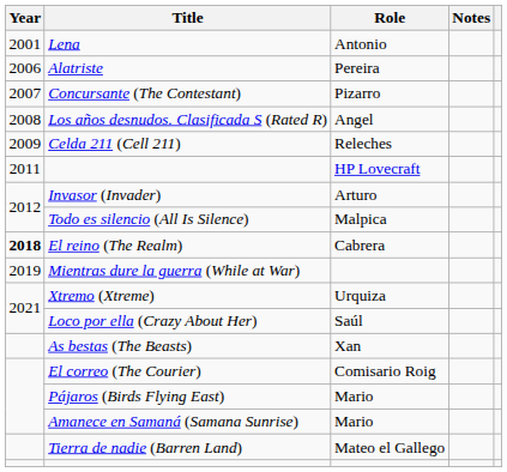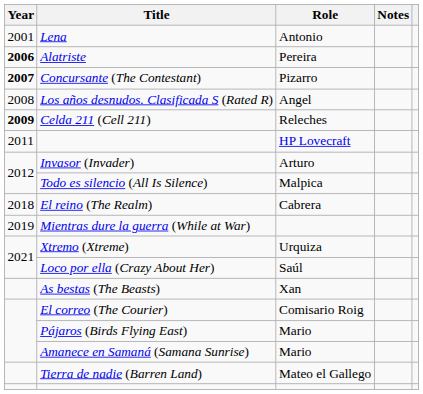 <table class="wikitable sortable">
 <tr>
 <th>Year</th>
 <th>Title</th>
 <th>Role</th>
 <th class="unsortable">Notes</th>
 <th class="unsortable"></th>
 </tr>
 <tr>
 <td align = "center">2001</td>
 <td><em><a href='#'>Lena</a></em></td>
 <td>Antonio</td>
 <td></td>
 <td align = "center"></td>
 </tr>
 <tr>
-<td align = "center">2006</td>
+<td align = "center"><strong>2006</strong></td>
 <td><em><a href='#'>Alatriste</a></em></td>
 <td>Pereira</td>
 <td></td>
 <td align = "center"></td>
 </tr>
 <tr>
-<td align = "center">2007</td>
+<td align = "center"><strong>2007</strong></td>
 <td><em><a href='#'>Concursante</a></em> (<em>The Contestant</em>)</td>
 <td>Pizarro</td>
 <td></td>
 <td align  ="center"></td>
 </tr>
 <tr>
 <td align = "center">2008</td>
 <td><em><a href='#'>Los años desnudos. Clasificada S</a></em> (<em>Rated R</em>)</td>
 <td>Angel</td>
 <td></td>
 <td align = "center"></td>
 </tr>
 <tr>
-<td align = "center">2009</td>
+<td align = "center"><strong>2009</strong></td>
 <td><em><a href='#'>Celda 211</a></em> (<em>Cell 211</em>)</td>
 <td>Releches</td>
 <td></td>
 <td align = "center"></td>
 </tr>
 <tr>
 <td align = "center">2011</td>
 <td><em></em></td>
 <td><a href='#'>HP Lovecraft</a></td>
 <td></td>
 <td align = "center"></td>
 </tr>
 <tr>
 <td rowspan = "2" align = "center">2012</td>
 <td><em><a href='#'>Invasor</a></em> (<em>Invader</em>)</td>
 <td>Arturo</td>
 <td></td>
 <td align = "center"></td>
 </tr>
 <tr>
 <td><em><a href='#'>Todo es silencio</a></em> (<em>All Is Silence</em>)</td>
 <td>Malpica</td>
 <td></td>
 <td align = "center"></td>
 </tr>
 <tr>
-<td align = "center"><strong>2018</strong></td>
+<td align = "center">2018</td>
 <td><em><a href='#'>El reino</a></em> (<em>The Realm</em>)</td>
 <td>Cabrera</td>
 <td></td>
 <td align = "center"></td>
 </tr>
 <tr>
 <td align = "center">2019</td>
 <td><em><a href='#'>Mientras dure la guerra</a></em> (<em>While at War</em>)</td>
 <td></td>
 <td></td>
 <td align = "center"></td>
 </tr>
 <tr>
 <td rowspan = "2" align = "center">2021</td>
 <td><em><a href='#'>Xtremo</a></em> (<em>Xtreme</em>)</td>
 <td>Urquiza</td>
 <td></td>
 <td align = "center"></td>
 </tr>
 <tr>
 <td><a href='#'><em>Loco por ella</em></a> (<em>Crazy About Her</em>)</td>
 <td>Saúl</td>
 <td></td>
 <td align = "center"></td>
 </tr>
 <tr>
 <td></td>
 <td><em><a href='#'>As bestas</a></em> (<em>The Beasts</em>)</td>
 <td>Xan</td>
 <td></td>
 <td></td>
 </tr>
 <tr>
 <td rowspan = "3"></td>
 <td><em><a href='#'>El correo</a></em> (<em>The Courier</em>)</td>
 <td>Comisario Roig</td>
 <td></td>
 <td></td>
 </tr>
 <tr>
 <td><em><a href='#'>Pájaros</a></em> (<em>Birds Flying East</em>)</td>
 <td>Mario</td>
 <td></td>
 <td></td>
 </tr>
 <tr>
 <td><em><a href='#'>Amanece en Samaná</a></em> (<em>Samana Sunrise</em>)</td>
 <td>Mario</td>
 <td></td>
 <td></td>
 </tr>
 <tr>
 <td></td>
 <td><em><a href='#'>Tierra de nadie</a></em> (<em>Barren Land</em>)</td>
 <td>Mateo el Gallego</td>
 <td></td>
 <td></td>
 </tr>
 <tr>
 <td></td>
 <td></td>
 <td></td>
 <td></td>
 <td></td>
 </tr>
 </table>
